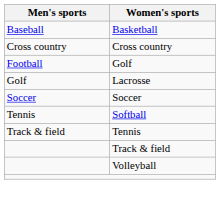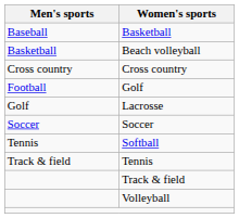 <table class="wikitable" style=" ">
 <tr>
 <th width=150px>Men's sports</th>
 <th width=150px>Women's sports</th>
 </tr>
 <tr>
 <td><a href='#'>Baseball</a></td>
 <td><a href='#'>Basketball</a></td>
+</tr>
+<tr>
+<td><a href='#'>Basketball</a></td>
+<td>Beach volleyball</td>
 </tr>
 <tr>
 <td>Cross country</td>
 <td>Cross country</td>
 </tr>
 <tr>
 <td><a href='#'>Football</a></td>
 <td>Golf</td>
 </tr>
 <tr>
 <td>Golf</td>
 <td>Lacrosse</td>
 </tr>
 <tr>
 <td><a href='#'>Soccer</a></td>
 <td>Soccer</td>
 </tr>
 <tr>
 <td>Tennis</td>
 <td><a href='#'>Softball</a></td>
 </tr>
 <tr>
 <td>Track & field</td>
 <td>Tennis</td>
 </tr>
 <tr>
 <td></td>
 <td>Track & field</td>
 </tr>
 <tr>
 <td></td>
 <td>Volleyball</td>
 </tr>
 <tr>
 <td colspan="2"></td>
 </tr>
 </table>
